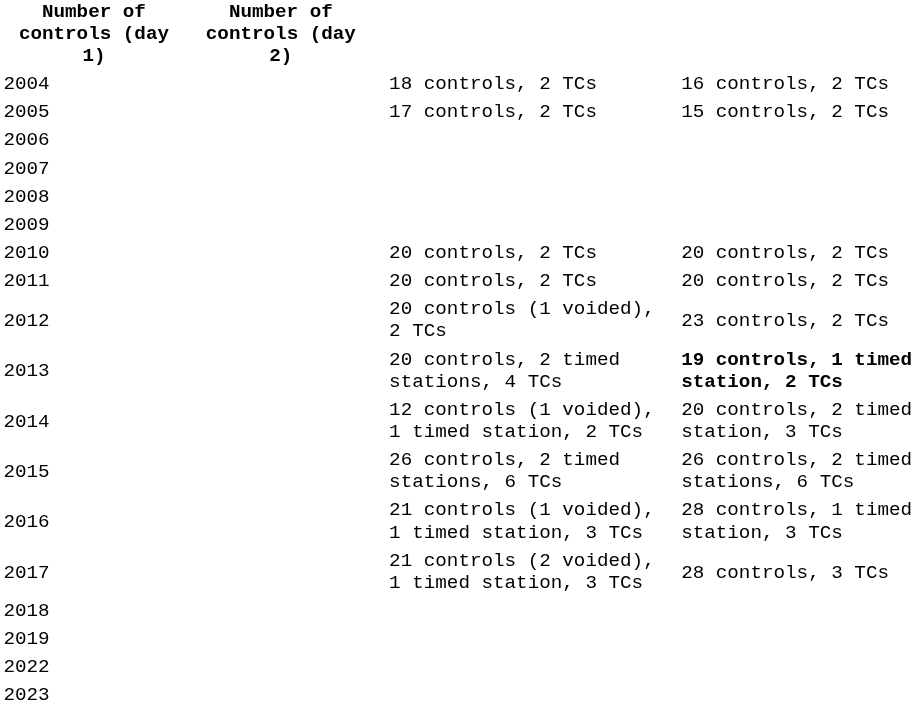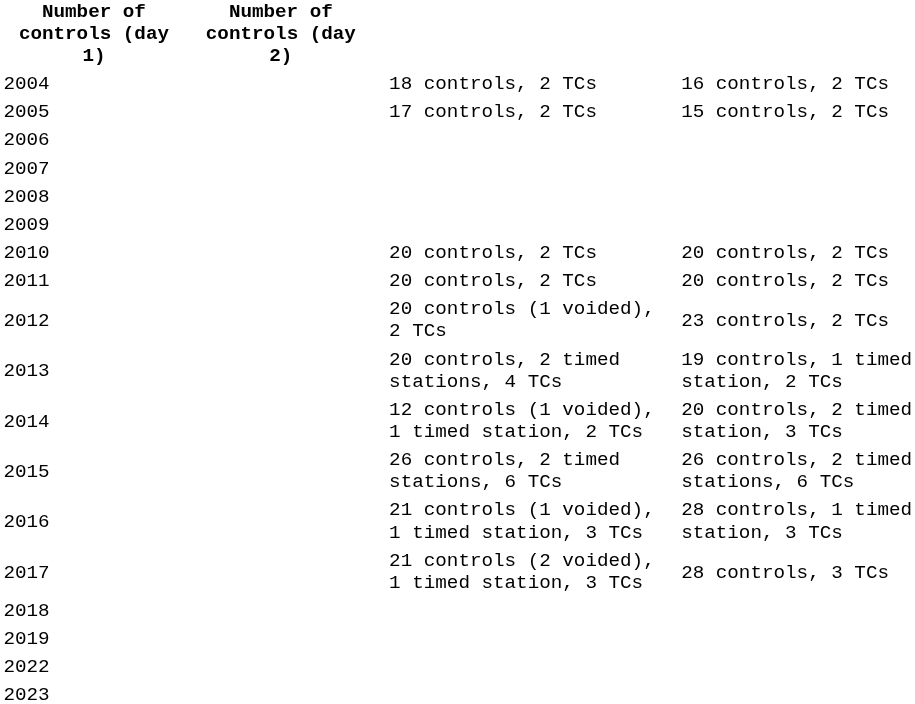 <table>
 <tr>
 <th>Number of controls (day 1)</th>
 <th>Number of controls (day 2)</th>
 </tr>
 <tr>
 <td>2004</td>
 <td></td>
 <td></td>
 <td></td>
 <td>18 controls, 2 TCs</td>
 <td>16 controls, 2 TCs</td>
 </tr>
 <tr>
 <td>2005</td>
 <td></td>
 <td></td>
 <td></td>
 <td>17 controls, 2 TCs</td>
 <td>15 controls, 2 TCs</td>
 </tr>
 <tr>
 <td>2006</td>
 <td></td>
 <td></td>
 <td></td>
 <td></td>
 <td></td>
 </tr>
 <tr>
 <td>2007</td>
 <td></td>
 <td></td>
 <td></td>
 <td></td>
 <td></td>
 </tr>
 <tr>
 <td>2008</td>
 <td></td>
 <td></td>
 <td></td>
 <td></td>
 <td></td>
 </tr>
 <tr>
 <td>2009</td>
 <td></td>
 <td></td>
 <td></td>
 <td></td>
 <td></td>
 </tr>
 <tr>
 <td>2010</td>
 <td></td>
 <td></td>
 <td></td>
 <td>20 controls, 2 TCs</td>
 <td>20 controls, 2 TCs</td>
 </tr>
 <tr>
 <td>2011</td>
 <td></td>
 <td></td>
 <td></td>
 <td>20 controls, 2 TCs</td>
 <td>20 controls, 2 TCs</td>
 </tr>
 <tr>
 <td>2012</td>
 <td></td>
 <td></td>
 <td></td>
 <td>20 controls (1 voided), 2 TCs</td>
 <td>23 controls, 2 TCs</td>
 </tr>
 <tr>
 <td>2013</td>
 <td></td>
 <td></td>
 <td></td>
 <td>20 controls, 2 timed stations, 4 TCs</td>
-<td><strong>19 controls, 1 timed station, 2 TCs</strong></td>
+<td>19 controls, 1 timed station, 2 TCs</td>
 </tr>
 <tr>
 <td>2014</td>
 <td></td>
 <td></td>
 <td></td>
 <td>12 controls (1 voided), 1 timed station, 2 TCs</td>
 <td>20 controls, 2 timed station, 3 TCs</td>
 </tr>
 <tr>
 <td>2015</td>
 <td></td>
 <td></td>
 <td></td>
 <td>26 controls, 2 timed stations, 6 TCs</td>
 <td>26 controls, 2 timed stations, 6 TCs</td>
 </tr>
 <tr>
 <td>2016</td>
 <td></td>
 <td></td>
 <td></td>
 <td>21 controls (1 voided), 1 timed station, 3 TCs</td>
 <td>28 controls, 1 timed station, 3 TCs</td>
 </tr>
 <tr>
 <td>2017</td>
 <td></td>
 <td></td>
 <td></td>
 <td>21 controls (2 voided), 1 timed station, 3 TCs</td>
 <td>28 controls, 3 TCs </td>
 </tr>
 <tr>
 <td>2018</td>
 <td></td>
 <td></td>
 <td></td>
 <td></td>
 </tr>
 <tr>
 <td>2019</td>
 <td></td>
 <td></td>
 <td></td>
 <td></td>
 </tr>
 <tr>
 <td>2022</td>
 <td></td>
 <td></td>
 <td></td>
 <td></td>
 </tr>
 <tr>
 <td>2023</td>
 <td></td>
 <td></td>
 <td></td>
 <td></td>
 </tr>
 </table>
